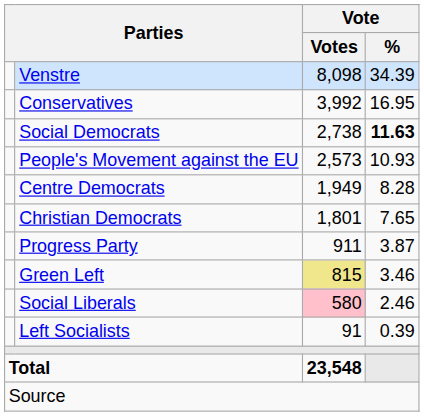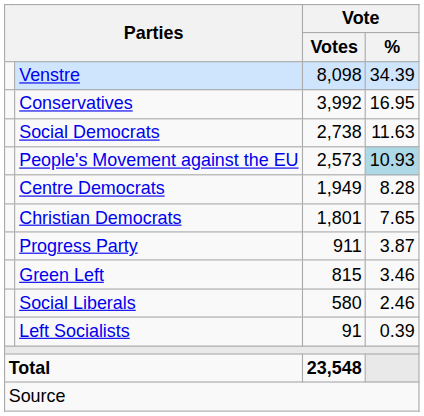 <table class="wikitable" style="text-align:right;">
 <tr>
 <th style="text-align:centre;" rowspan="2" colspan="2" width="225">Parties</th>
 <th colspan="3">Vote</th>
 </tr>
 <tr>
 <th width="15">Votes</th>
 <th width="15">%</th>
 </tr>
 <tr>
 <td width="2" style="color:inherit;background:"></td>
 <td bgcolor=#cfe5fe   align="left"><a href='#'>Venstre</a></td>
 <td bgcolor=#cfe5fe>8,098</td>
 <td bgcolor=#cfe5fe>34.39</td>
 </tr>
 <tr>
 <td width="2" style="color:inherit;background:"></td>
 <td align="left"><a href='#'>Conservatives</a></td>
 <td>3,992</td>
 <td>16.95</td>
 </tr>
 <tr>
 <td width="2" style="color:inherit;background:"></td>
 <td align="left"><a href='#'>Social Democrats</a></td>
 <td>2,738</td>
-<td><strong>11.63</strong></td>
+<td>11.63</td>
 </tr>
 <tr>
 <td width="2" style="color:inherit;background:"></td>
 <td align="left"><a href='#'>People's Movement against the EU</a></td>
 <td>2,573</td>
-<td>10.93</td>
+<td style="background: lightblue;">10.93</td>
 </tr>
 <tr>
 <td width="2" style="color:inherit;background:"></td>
 <td align="left"><a href='#'>Centre Democrats</a></td>
 <td>1,949</td>
 <td>8.28</td>
 </tr>
 <tr>
 <td width="2" style="color:inherit;background:"></td>
 <td align="left"><a href='#'>Christian Democrats</a></td>
 <td>1,801</td>
 <td>7.65</td>
 </tr>
 <tr>
 <td width="2" style="color:inherit;background:"></td>
 <td align="left"><a href='#'>Progress Party</a></td>
 <td>911</td>
 <td>3.87</td>
 </tr>
 <tr>
 <td width="2" style="color:inherit;background:"></td>
 <td align="left"><a href='#'>Green Left</a></td>
-<td style="background: khaki;">815</td>
+<td>815</td>
 <td>3.46</td>
 </tr>
 <tr>
 <td width="2" style="color:inherit;background:"></td>
 <td align="left"><a href='#'>Social Liberals</a></td>
-<td style="background: pink;">580</td>
+<td>580</td>
 <td>2.46</td>
 </tr>
 <tr>
 <td width="2" style="color:inherit;background:"></td>
 <td align="left"><a href='#'>Left Socialists</a></td>
 <td>91</td>
 <td>0.39</td>
 </tr>
 <tr>
 <td colspan="7" bgcolor="#E9E9E9"></td>
 </tr>
 <tr>
 <td align="left" colspan="2"><strong>Total</strong></td>
 <td><strong>23,548</strong></td>
 <td bgcolor="#E9E9E9" colspan="2"></td>
 </tr>
 <tr>
 <td align="left" colspan="6">Source</td>
 </tr>
 </table>
